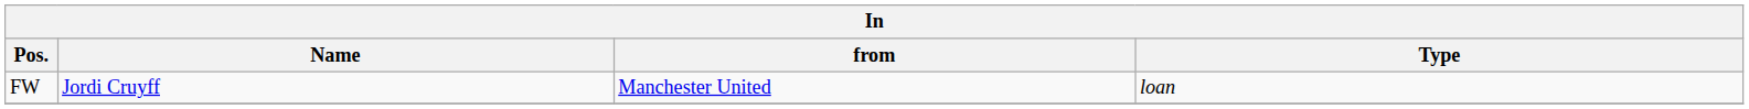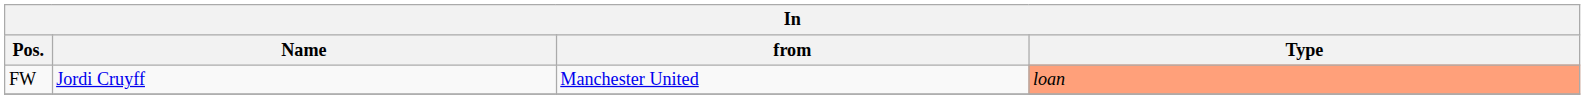 <table class="wikitable" style="font-size:90%;width:99%;">
 <tr>
 <th colspan="4">In</th>
 </tr>
 <tr>
 <th width=3%>Pos.</th>
 <th width=32%>Name</th>
 <th width=30%>from</th>
 <th width=35%>Type</th>
 </tr>
 <tr>
 <td>FW</td>
 <td><a href='#'>Jordi Cruyff</a></td>
 <td><a href='#'>Manchester United</a></td>
-<td><em>loan</em></td>
+<td style="background: lightsalmon;"><em>loan</em></td>
 </tr>
 <tr>
 </tr>
 </table>
